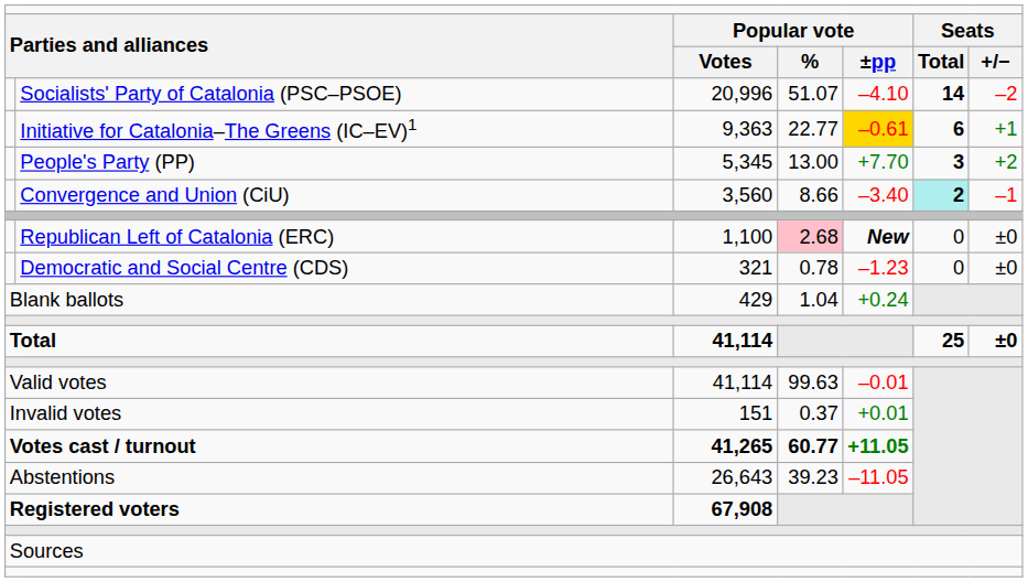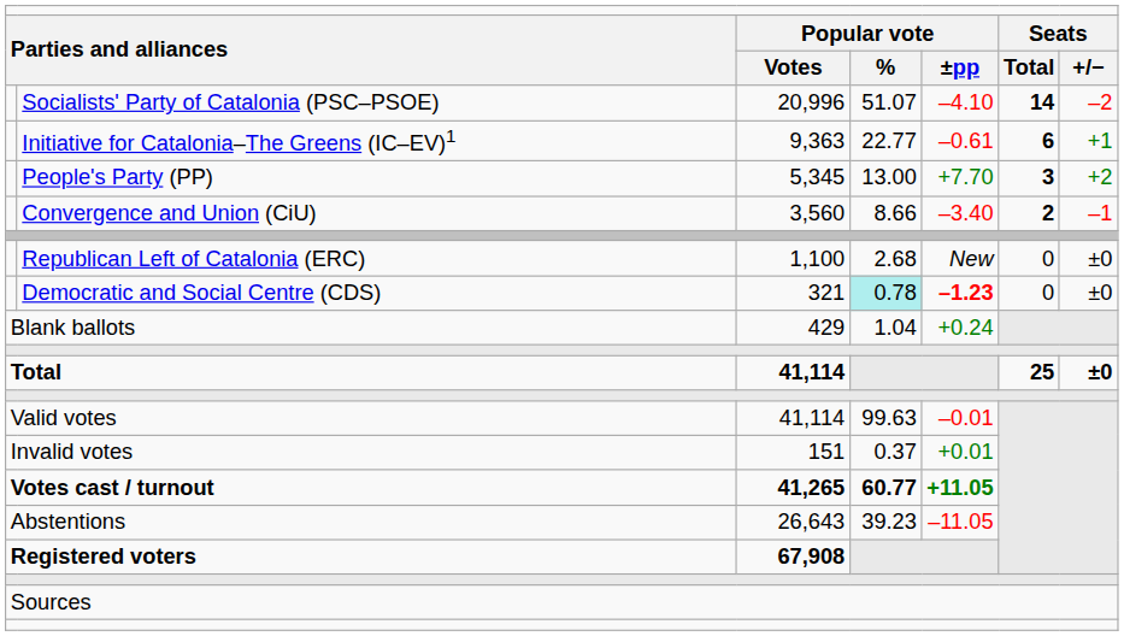 <table class="wikitable" style="text-align:right;">
 <tr>
 <td colspan="7"></td>
 </tr>
 <tr>
 <th style="text-align:left;" rowspan="2" colspan="2" width="525">Parties and alliances</th>
 <th colspan="3">Popular vote</th>
 <th colspan="2">Seats</th>
 </tr>
 <tr>
 <th width="75">Votes</th>
 <th width="45">%</th>
 <th width="45">±<a href='#'>pp</a></th>
 <th width="35">Total</th>
 <th width="35">+/−</th>
 </tr>
 <tr>
 <td width="1" style="color:inherit;background:"></td>
 <td align="left"><a href='#'>Socialists' Party of Catalonia</a> (PSC–PSOE)</td>
 <td>20,996</td>
 <td>51.07</td>
 <td style="color:red;">–4.10</td>
 <td><strong>14</strong></td>
 <td style="color:red;">–2</td>
 </tr>
 <tr>
 <td style="color:inherit;background:"></td>
 <td align="left"><a href='#'>Initiative for Catalonia</a>–<a href='#'>The Greens</a> (IC–EV)<sup>1</sup></td>
 <td>9,363</td>
 <td>22.77</td>
-<td style="background: gold; color:red;">–0.61</td>
+<td style="color:red;">–0.61</td>
 <td><strong>6</strong></td>
 <td style="color:green;">+1</td>
 </tr>
 <tr>
 <td style="color:inherit;background:"></td>
 <td align="left"><a href='#'>People's Party</a> (PP)</td>
 <td>5,345</td>
 <td>13.00</td>
 <td style="color:green;">+7.70</td>
 <td><strong>3</strong></td>
 <td style="color:green;">+2</td>
 </tr>
 <tr>
 <td style="color:inherit;background:"></td>
 <td align="left"><a href='#'>Convergence and Union</a> (CiU)</td>
 <td>3,560</td>
 <td>8.66</td>
 <td style="color:red;">–3.40</td>
-<td style="background: paleturquoise;"><strong>2</strong></td>
+<td><strong>2</strong></td>
 <td style="color:red;">–1</td>
 </tr>
 <tr>
 <td colspan="7" style="color:inherit;background:#C0C0C0"></td>
 </tr>
 <tr>
 <td style="color:inherit;background:"></td>
 <td align="left"><a href='#'>Republican Left of Catalonia</a> (ERC)</td>
 <td>1,100</td>
-<td style="background: pink;">2.68</td>
-<td><strong><em>New</em></strong></td>
+<td>2.68</td>
+<td><em>New</em></td>
 <td>0</td>
 <td>±0</td>
 </tr>
 <tr>
 <td style="color:inherit;background:"></td>
 <td align="left"><a href='#'>Democratic and Social Centre</a> (CDS)</td>
 <td>321</td>
-<td>0.78</td>
-<td style="color:red;">–1.23</td>
+<td style="background: paleturquoise;">0.78</td>
+<td style="color:red;"><strong>–1.23</strong></td>
 <td>0</td>
 <td>±0</td>
 </tr>
 <tr>
 <td align="left" colspan="2">Blank ballots</td>
 <td>429</td>
 <td>1.04</td>
 <td style="color:green;">+0.24</td>
 <td style="color:inherit;background:#E9E9E9" colspan="2"></td>
 </tr>
 <tr>
 <td colspan="7" style="color:inherit;background:#E9E9E9"></td>
 </tr>
 <tr style="font-weight:bold;">
 <td align="left" colspan="2">Total</td>
 <td>41,114</td>
 <td bgcolor="#E9E9E9" colspan="2"></td>
 <td>25</td>
 <td>±0</td>
 </tr>
 <tr>
 <td colspan="7" style="color:inherit;background:#E9E9E9"></td>
 </tr>
 <tr>
 <td align="left" colspan="2">Valid votes</td>
 <td>41,114</td>
 <td>99.63</td>
 <td style="color:red;">–0.01</td>
 <td bgcolor="#E9E9E9" colspan="2" rowspan="5"></td>
 </tr>
 <tr>
 <td align="left" colspan="2">Invalid votes</td>
 <td>151</td>
 <td>0.37</td>
 <td style="color:green;">+0.01</td>
 </tr>
 <tr style="font-weight:bold;">
 <td align="left" colspan="2">Votes cast / turnout</td>
 <td>41,265</td>
 <td>60.77</td>
 <td style="color:green;">+11.05</td>
 </tr>
 <tr>
 <td align="left" colspan="2">Abstentions</td>
 <td>26,643</td>
 <td>39.23</td>
 <td style="color:red;">–11.05</td>
 </tr>
 <tr style="font-weight:bold;">
 <td align="left" colspan="2">Registered voters</td>
 <td>67,908</td>
 <td bgcolor="#E9E9E9" colspan="2"></td>
 </tr>
 <tr>
 <td colspan="7" style="color:inherit;background:#E9E9E9"></td>
 </tr>
 <tr>
 <td align="left" colspan="7">Sources</td>
 </tr>
 <tr>
 <td colspan="7" style="text-align:left; max-width:790px;"></td>
 </tr>
 </table>
